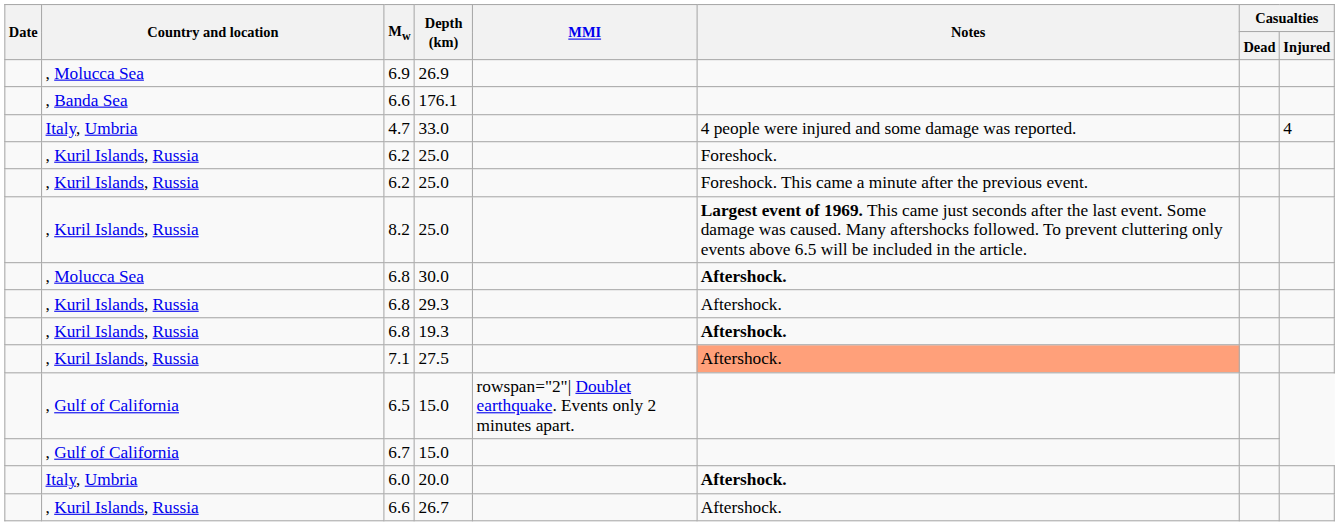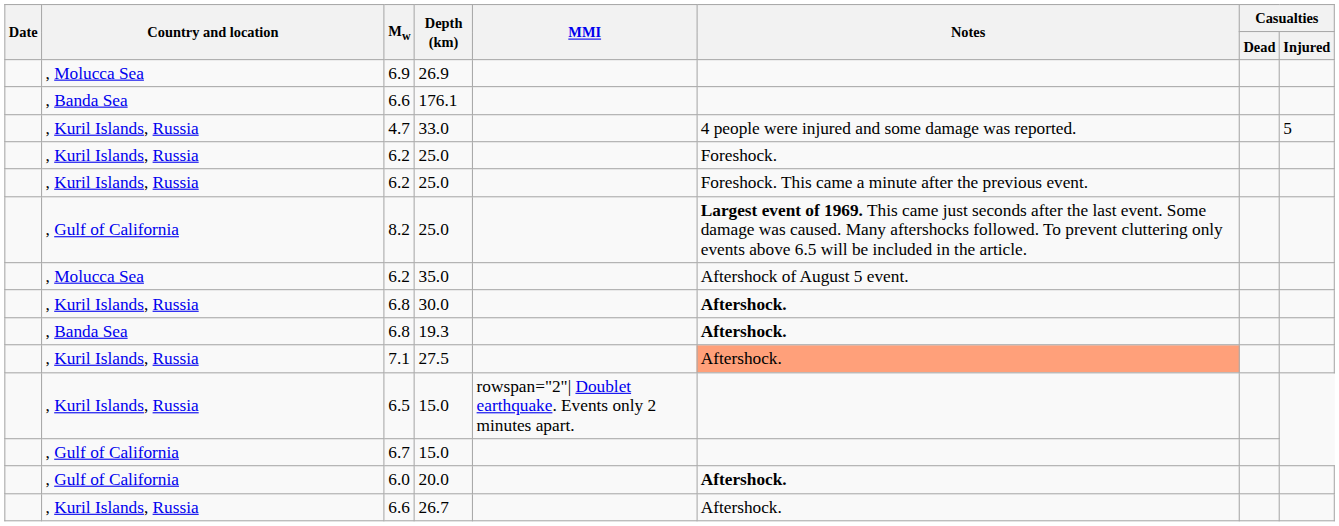 <table class="wikitable sortable sort-under" style="border:1px black; margin-left:1em;">
 <tr>
 <th rowspan="2"><small>Date</small></th>
 <th rowspan="2" style="width: 310px"><small>Country and location</small></th>
 <th rowspan="2"><small>M<sub>w</sub></small></th>
 <th rowspan="2"><small>Depth (km)</small></th>
 <th rowspan="2"><small><a href='#'>MMI</a></small></th>
 <th rowspan="2" class="unsortable"><small>Notes</small></th>
 <th colspan="2"><small>Casualties</small></th>
 </tr>
 <tr>
 <th><small>Dead</small></th>
 <th><small>Injured</small></th>
 </tr>
 <tr>
 <td></td>
 <td>, <a href='#'>Molucca Sea</a></td>
 <td>6.9</td>
 <td>26.9</td>
 <td></td>
 <td></td>
 <td></td>
 <td></td>
 </tr>
 <tr>
 <td></td>
 <td>, <a href='#'>Banda Sea</a></td>
 <td>6.6</td>
 <td>176.1</td>
 <td></td>
 <td></td>
 <td></td>
 <td></td>
 </tr>
 <tr>
 <td></td>
-<td> <a href='#'>Italy</a>, <a href='#'>Umbria</a></td>
+<td>, <a href='#'>Kuril Islands</a>, <a href='#'>Russia</a></td>
 <td>4.7</td>
 <td>33.0</td>
 <td></td>
 <td>4 people were injured and some damage was reported.</td>
 <td></td>
-<td>4</td>
+<td>5</td>
 </tr>
 <tr>
 <td></td>
 <td>, <a href='#'>Kuril Islands</a>, <a href='#'>Russia</a></td>
 <td>6.2</td>
 <td>25.0</td>
 <td></td>
 <td>Foreshock.</td>
 <td></td>
 <td></td>
 </tr>
 <tr>
 <td></td>
 <td>, <a href='#'>Kuril Islands</a>, <a href='#'>Russia</a></td>
 <td>6.2</td>
 <td>25.0</td>
 <td></td>
 <td>Foreshock. This came a minute after the previous event.</td>
 <td></td>
 <td></td>
 </tr>
 <tr>
 <td></td>
-<td>, <a href='#'>Kuril Islands</a>, <a href='#'>Russia</a></td>
+<td>, <a href='#'>Gulf of California</a></td>
 <td>8.2</td>
 <td>25.0</td>
 <td></td>
 <td><strong>Largest event of 1969.</strong> This came just seconds after the last event. Some damage was caused. Many aftershocks followed. To prevent cluttering only events above 6.5 will be included in the article.</td>
 <td></td>
 <td></td>
 </tr>
 <tr>
 <td></td>
 <td>, <a href='#'>Molucca Sea</a></td>
+<td>6.2</td>
+<td>35.0</td>
+<td></td>
+<td>Aftershock of August 5 event.</td>
+<td></td>
+<td></td>
+</tr>
+<tr>
+<td></td>
+<td>, <a href='#'>Kuril Islands</a>, <a href='#'>Russia</a></td>
 <td>6.8</td>
 <td>30.0</td>
 <td></td>
 <td><strong>Aftershock.</strong></td>
 <td></td>
 <td></td>
 </tr>
 <tr>
 <td></td>
-<td>, <a href='#'>Kuril Islands</a>, <a href='#'>Russia</a></td>
-<td>6.8</td>
-<td>29.3</td>
-<td></td>
-<td>Aftershock.</td>
-<td></td>
-<td></td>
-</tr>
-<tr>
-<td></td>
-<td>, <a href='#'>Kuril Islands</a>, <a href='#'>Russia</a></td>
+<td>, <a href='#'>Banda Sea</a></td>
 <td>6.8</td>
 <td>19.3</td>
 <td></td>
 <td><strong>Aftershock.</strong></td>
 <td></td>
 <td></td>
 </tr>
 <tr>
 <td></td>
 <td>, <a href='#'>Kuril Islands</a>, <a href='#'>Russia</a></td>
 <td>7.1</td>
 <td>27.5</td>
 <td></td>
 <td style="background: lightsalmon;">Aftershock.</td>
 <td></td>
 <td></td>
 </tr>
 <tr>
 <td></td>
-<td>, <a href='#'>Gulf of California</a></td>
+<td>, <a href='#'>Kuril Islands</a>, <a href='#'>Russia</a></td>
 <td>6.5</td>
 <td>15.0</td>
 <td>rowspan="2"| <a href='#'>Doublet earthquake</a>. Events only 2 minutes apart.</td>
 <td></td>
 <td></td>
 </tr>
 <tr>
 <td></td>
 <td>, <a href='#'>Gulf of California</a></td>
 <td>6.7</td>
 <td>15.0</td>
 <td></td>
 <td></td>
 <td></td>
 </tr>
 <tr>
 <td></td>
-<td> <a href='#'>Italy</a>, <a href='#'>Umbria</a></td>
+<td>, <a href='#'>Gulf of California</a></td>
 <td>6.0</td>
 <td>20.0</td>
 <td></td>
 <td><strong>Aftershock.</strong></td>
 <td></td>
 <td></td>
 </tr>
 <tr>
 <td></td>
 <td>, <a href='#'>Kuril Islands</a>, <a href='#'>Russia</a></td>
 <td>6.6</td>
 <td>26.7</td>
 <td></td>
 <td>Aftershock.</td>
 <td></td>
 <td></td>
 </tr>
 </table>
